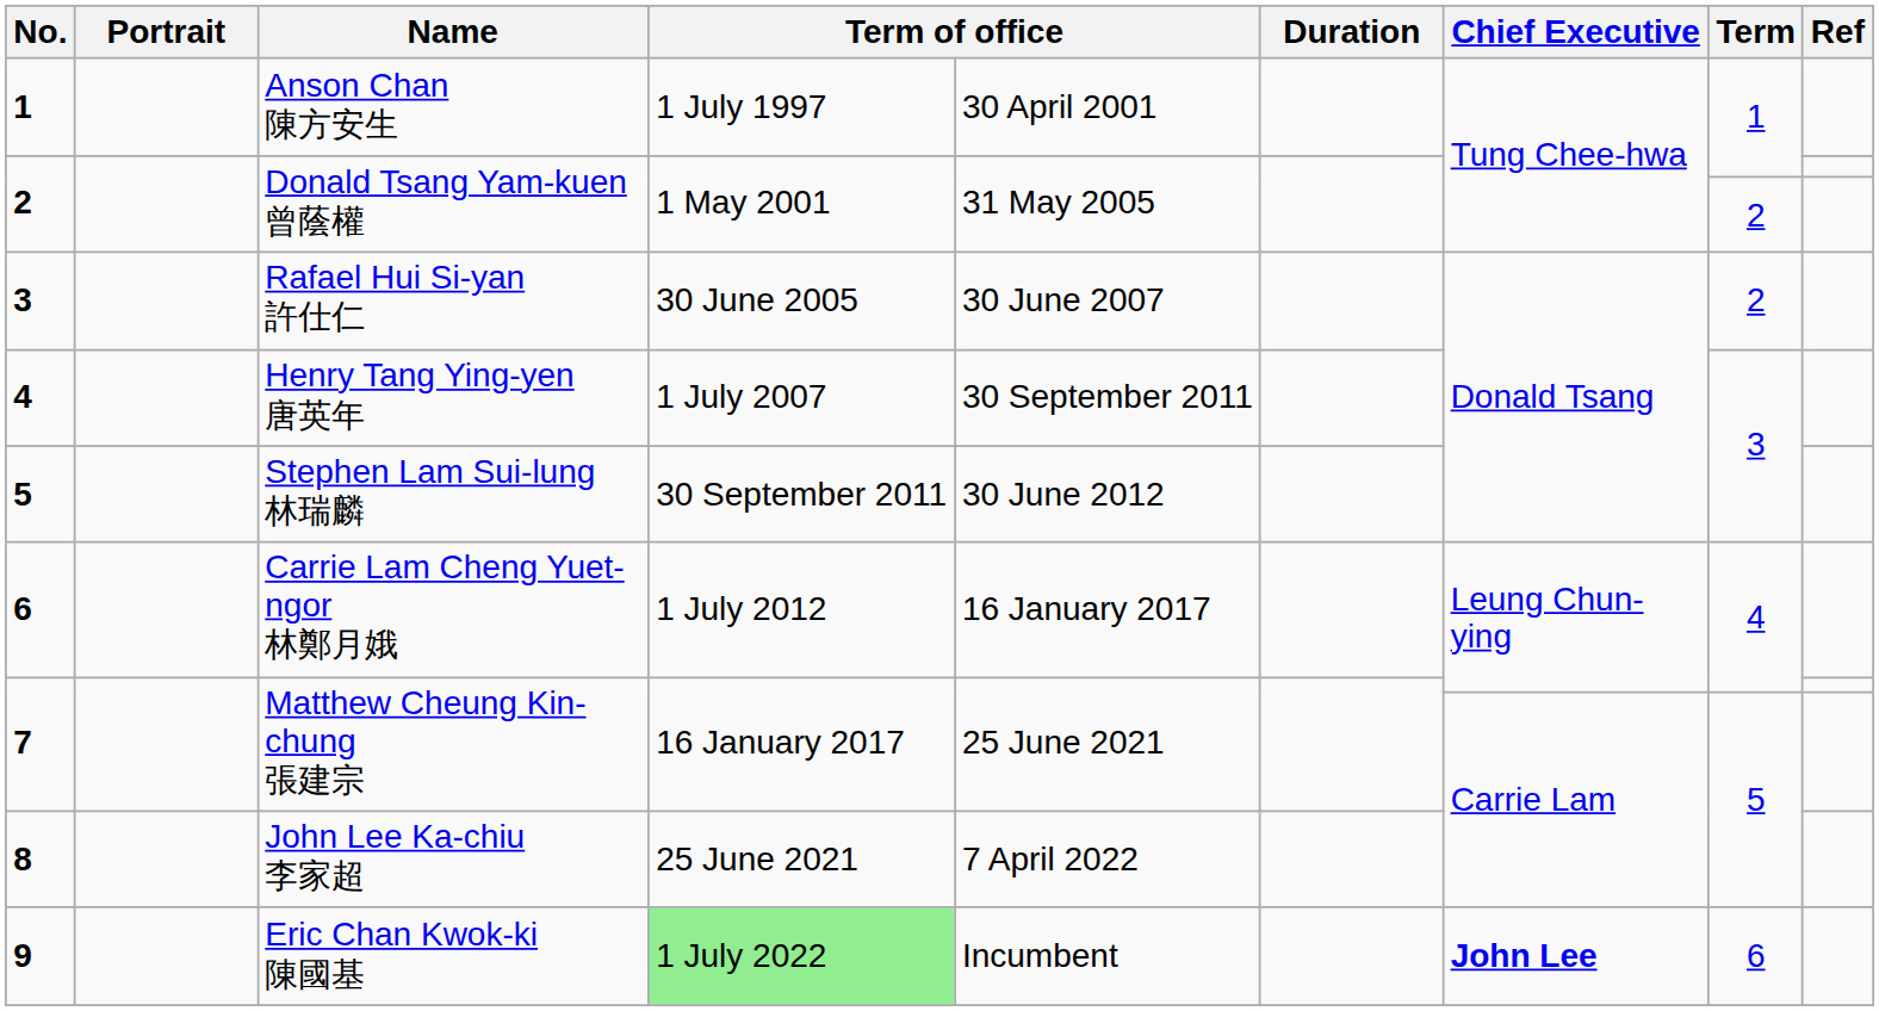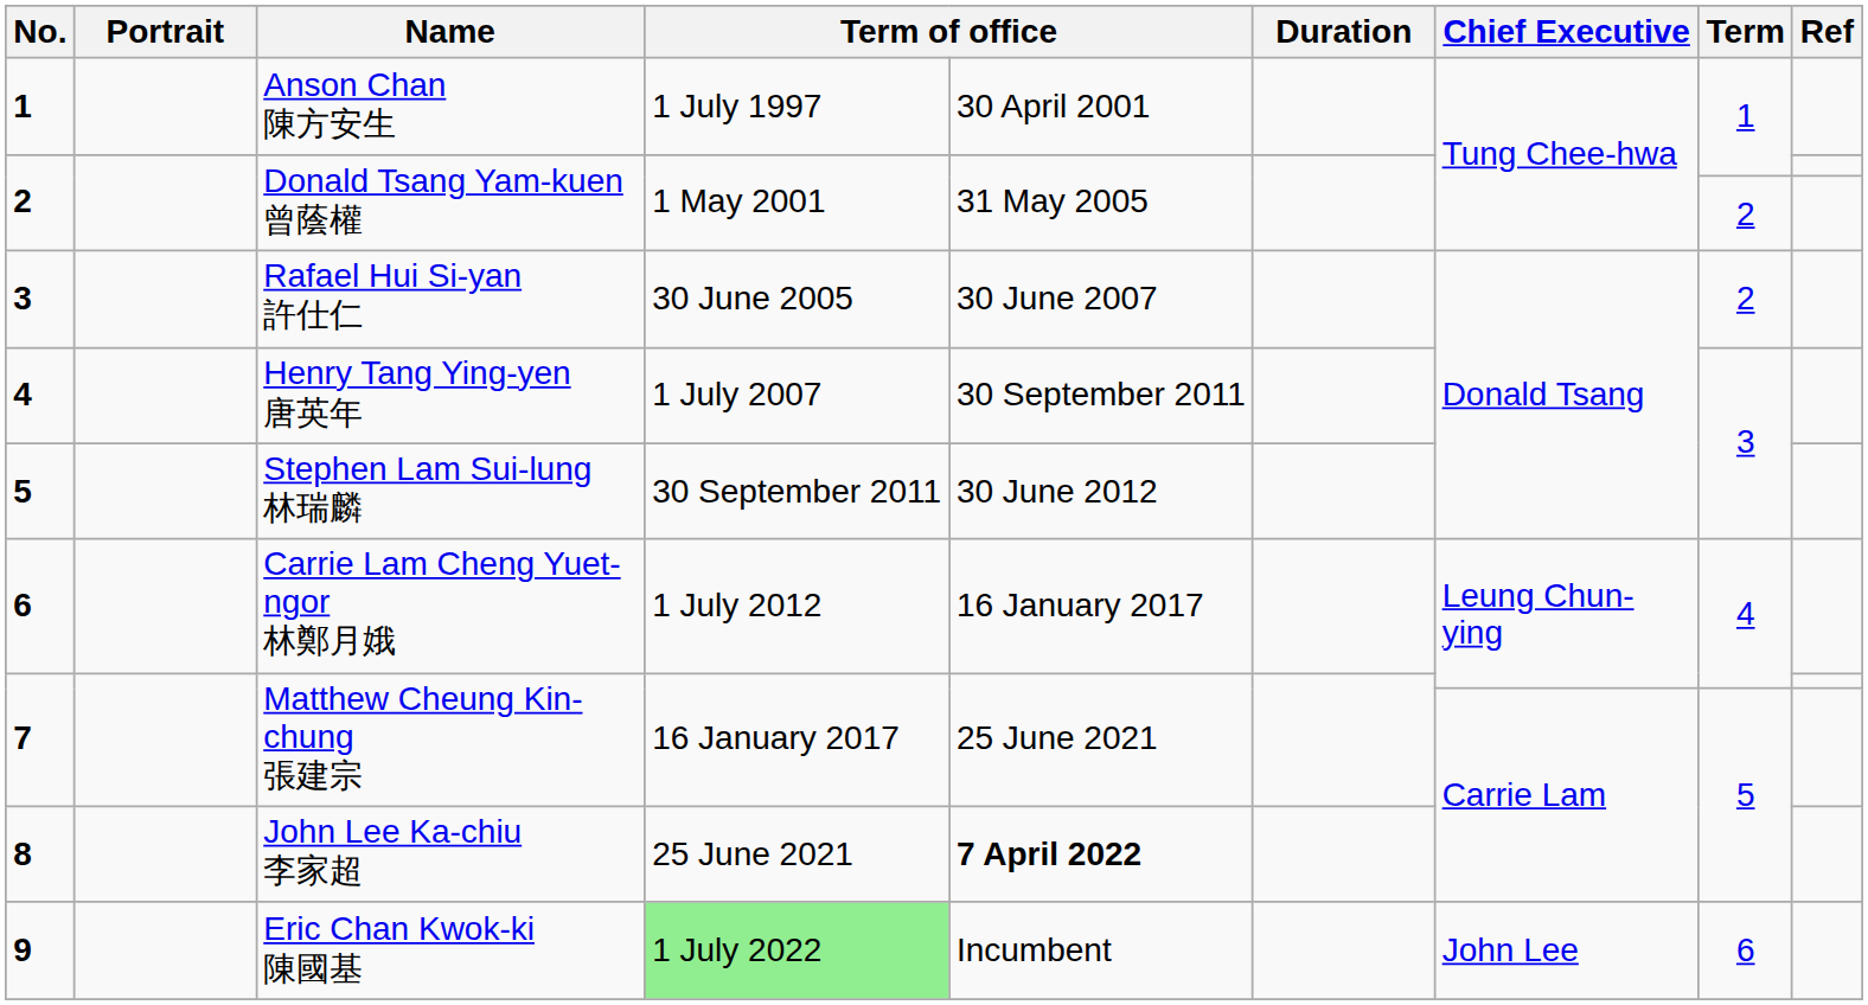 <table class="wikitable"  style="text-align:left">
 <tr>
 <th width=10px>No.</th>
 <th width=80px>Portrait</th>
 <th width=180px>Name</th>
 <th width=180px colspan=2>Term of office</th>
 <th width=80px>Duration</th>
 <th width=120px><a href='#'>Chief Executive</a></th>
 <th>Term</th>
 <th>Ref</th>
 </tr>
 <tr>
 <td style="background:"><strong>1</strong></td>
 <td></td>
 <td><a href='#'>Anson Chan</a><br>陳方安生</td>
 <td>1 July 1997</td>
 <td>30 April 2001</td>
 <td></td>
 <td rowspan=3><a href='#'>Tung Chee-hwa</a><br></td>
 <td rowspan=2 align=center><a href='#'>1</a></td>
 <td></td>
 </tr>
 <tr>
 <td rowspan=2 style="background:"><strong>2</strong></td>
 <td rowspan=2></td>
 <td rowspan=2><a href='#'>Donald Tsang Yam-kuen</a><br>曾蔭權</td>
 <td rowspan=2>1 May 2001</td>
 <td rowspan=2>31 May 2005</td>
 <td rowspan=2></td>
 <td></td>
 </tr>
 <tr>
 <td align=center><a href='#'>2</a></td>
 <td></td>
 </tr>
 <tr>
 <td style="background:"><strong>3</strong></td>
 <td></td>
 <td><a href='#'>Rafael Hui Si-yan</a><br>許仕仁</td>
 <td>30 June 2005</td>
 <td>30 June 2007</td>
 <td></td>
 <td rowspan=3><a href='#'>Donald Tsang</a><br></td>
 <td align=center><a href='#'>2</a></td>
 <td></td>
 </tr>
 <tr>
 <td style="background:"><strong>4</strong></td>
 <td></td>
 <td><a href='#'>Henry Tang Ying-yen</a><br>唐英年</td>
 <td>1 July 2007</td>
 <td>30 September 2011</td>
 <td></td>
 <td rowspan=2 align=center><a href='#'>3</a></td>
 <td></td>
 </tr>
 <tr>
 <td style="background:"><strong>5</strong></td>
 <td></td>
 <td><a href='#'>Stephen Lam Sui-lung</a><br>林瑞麟</td>
 <td>30 September 2011</td>
 <td>30 June 2012</td>
 <td></td>
 <td></td>
 </tr>
 <tr>
 <td style="background:"><strong>6</strong></td>
 <td></td>
 <td><a href='#'>Carrie Lam Cheng Yuet-ngor</a><br>林鄭月娥</td>
 <td>1 July 2012</td>
 <td>16 January 2017</td>
 <td></td>
 <td rowspan=2><a href='#'>Leung Chun-ying</a><br></td>
 <td rowspan=2 align=center><a href='#'>4</a></td>
 <td></td>
 </tr>
 <tr>
 <td rowspan=2 style="background:"><strong>7</strong></td>
 <td rowspan=2></td>
 <td rowspan=2><a href='#'>Matthew Cheung Kin-chung</a><br>張建宗</td>
 <td rowspan=2>16 January 2017</td>
 <td rowspan=2>25 June 2021</td>
 <td rowspan=2></td>
 <td></td>
 </tr>
 <tr>
 <td rowspan=2><a href='#'>Carrie Lam</a><br></td>
 <td rowspan=2 align=center><a href='#'>5</a></td>
 <td></td>
 </tr>
 <tr>
 <td rowspan=1 style="background:"><strong>8</strong></td>
 <td rowspan=1></td>
 <td rowspan=1><a href='#'>John Lee Ka-chiu</a><br>李家超</td>
 <td rowspan=1>25 June 2021</td>
-<td rowspan=1>7 April 2022</td>
+<td rowspan=1><strong>7 April 2022</strong></td>
 <td rowspan=1></td>
 <td></td>
 </tr>
 <tr>
 <td rowspan=1 style="background:"><strong>9</strong></td>
 <td rowspan=1></td>
 <td rowspan=1><a href='#'>Eric Chan Kwok-ki</a><br>陳國基</td>
 <td rowspan=1 style="background: lightgreen;">1 July 2022</td>
 <td rowspan=1>Incumbent</td>
 <td rowspan=1></td>
-<td rowspan=1><strong><a href='#'>John Lee</a><br></strong></td>
+<td rowspan=1><a href='#'>John Lee</a><br></td>
 <td rowspan=1 align=center><a href='#'>6</a></td>
 <td></td>
 </tr>
 </table>
